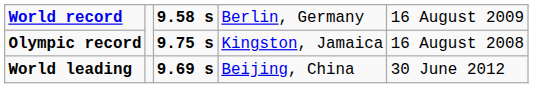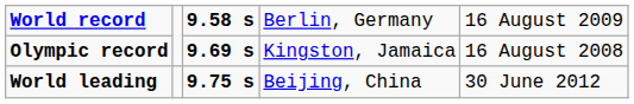 <table class="wikitable">
 <tr>
 <td><strong><a href='#'>World record</a></strong></td>
 <td rowspan=2></td>
 <td><strong>9.58 s</strong></td>
 <td><a href='#'>Berlin</a>, Germany</td>
 <td>16 August 2009</td>
 </tr>
 <tr>
 <td><strong>Olympic record</strong></td>
-<td><strong>9.75 s</strong></td>
+<td><strong>9.69 s</strong></td>
 <td><a href='#'>Kingston</a>, Jamaica</td>
 <td>16 August 2008</td>
 </tr>
 <tr>
 <td><strong>World leading</strong></td>
 <td></td>
-<td><strong>9.69 s</strong></td>
+<td><strong>9.75 s</strong></td>
 <td><a href='#'>Beijing</a>, China</td>
 <td>30 June 2012</td>
 </tr>
 </table>
